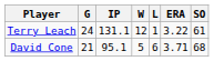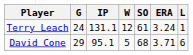 <table class="wikitable sortable">
 <tr>
 <th>Player</th>
 <th>G</th>
 <th>IP</th>
 <th>W</th>
+<th>SO</th>
+<th>ERA</th>
 <th>L</th>
-<th>ERA</th>
-<th>SO</th>
 </tr>
 <tr align="center">
 <td><a href='#'>Terry Leach</a></td>
 <td>24</td>
 <td>131.1</td>
 <td>12</td>
+<td>61</td>
+<td>3.24</td>
 <td>1</td>
-<td>3.22</td>
-<td>61</td>
 </tr>
 <tr align="center">
 <td><a href='#'>David Cone</a></td>
-<td>21</td>
+<td>29</td>
 <td>95.1</td>
 <td>5</td>
+<td>68</td>
+<td>3.71</td>
 <td>6</td>
-<td>3.71</td>
-<td>68</td>
 </tr>
 </table>
